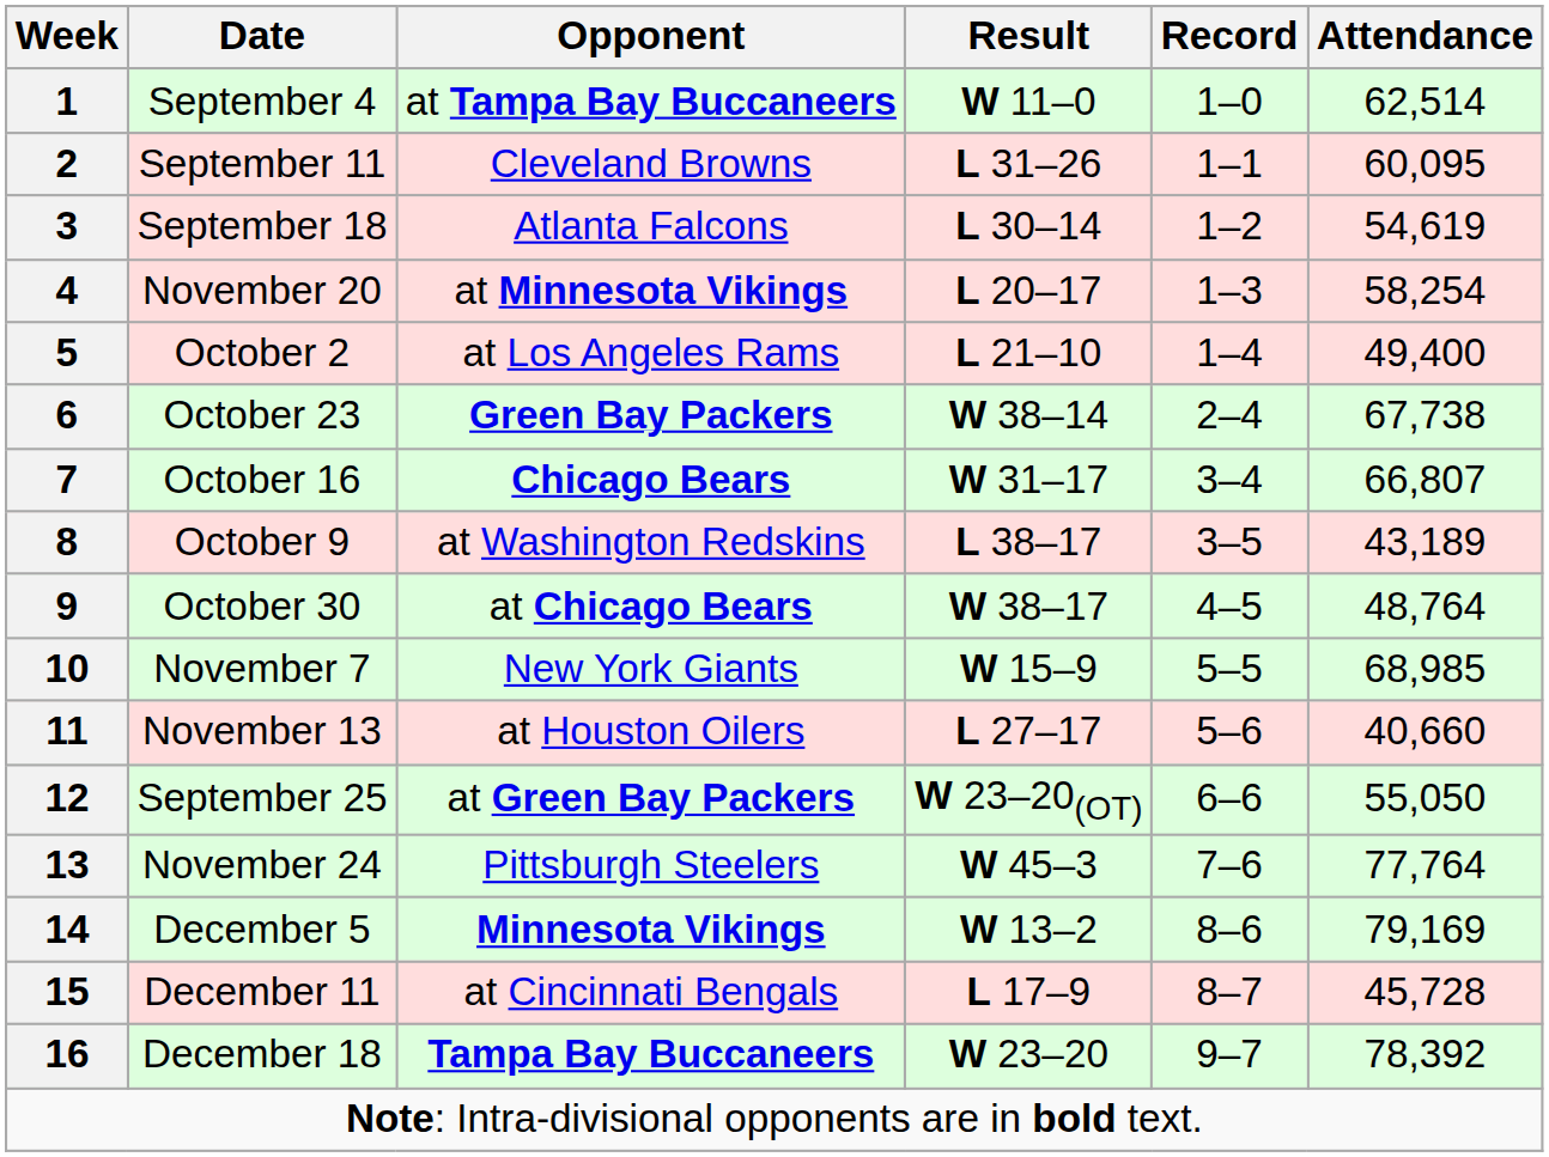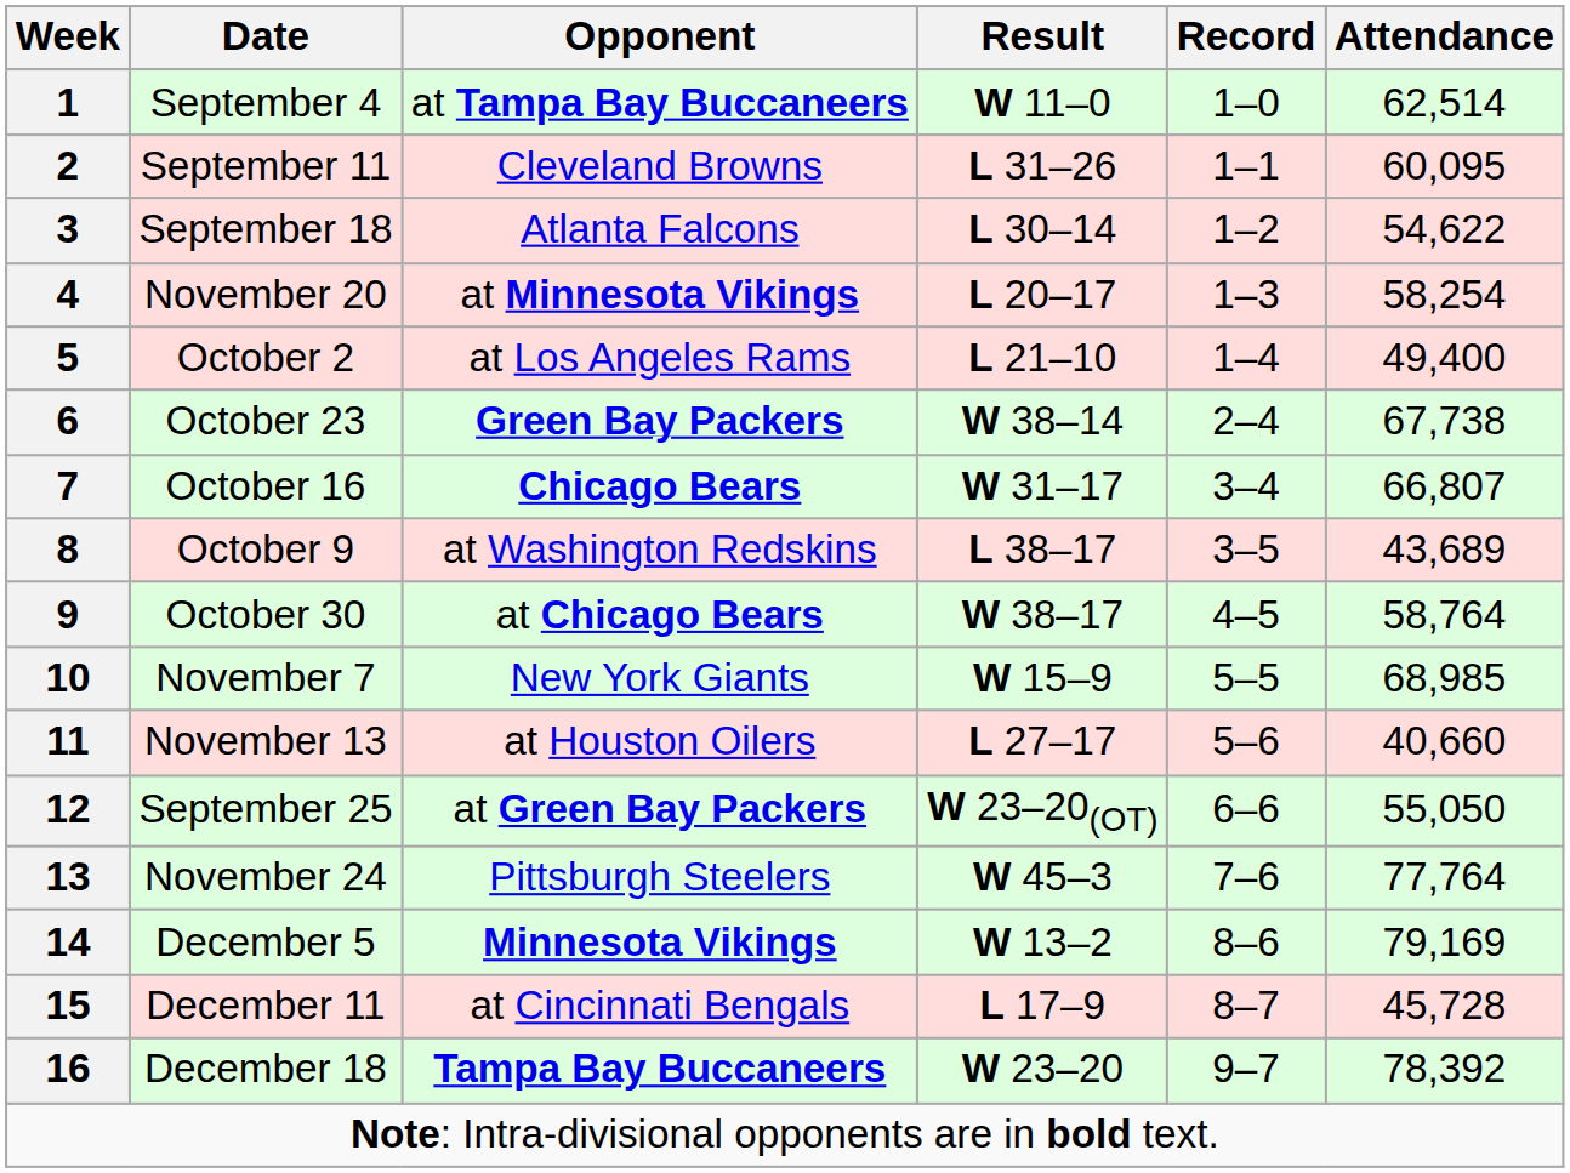 <table class="wikitable" style="text-align:center;">
 <tr>
 <th>Week</th>
 <th>Date</th>
 <th>Opponent</th>
 <th>Result</th>
 <th>Record</th>
 <th>Attendance</th>
 </tr>
 <tr style="background: #ddffdd;">
 <th>1</th>
 <td>September 4</td>
 <td>at <strong><a href='#'>Tampa Bay Buccaneers</a></strong></td>
 <td><strong>W</strong> 11–0</td>
 <td>1–0</td>
 <td>62,514</td>
 </tr>
 <tr style="background: #ffdddd;">
 <th>2</th>
 <td>September 11</td>
 <td><a href='#'>Cleveland Browns</a></td>
 <td><strong>L</strong> 31–26</td>
 <td>1–1</td>
 <td>60,095</td>
 </tr>
 <tr style="background: #ffdddd;">
 <th>3</th>
 <td>September 18</td>
 <td><a href='#'>Atlanta Falcons</a></td>
 <td><strong>L</strong> 30–14</td>
 <td>1–2</td>
-<td>54,619</td>
+<td>54,622</td>
 </tr>
 <tr style="background: #ffdddd;">
 <th>4</th>
 <td>November 20</td>
 <td>at <strong><a href='#'>Minnesota Vikings</a></strong></td>
 <td><strong>L</strong> 20–17</td>
 <td>1–3</td>
 <td>58,254</td>
 </tr>
 <tr style="background: #ffdddd;">
 <th>5</th>
 <td>October 2</td>
 <td>at <a href='#'>Los Angeles Rams</a></td>
 <td><strong>L</strong> 21–10</td>
 <td>1–4</td>
 <td>49,400</td>
 </tr>
 <tr style="background: #ddffdd;">
 <th>6</th>
 <td>October 23</td>
 <td><strong><a href='#'>Green Bay Packers</a></strong></td>
 <td><strong>W</strong> 38–14</td>
 <td>2–4</td>
 <td>67,738</td>
 </tr>
 <tr style="background: #ddffdd;">
 <th>7</th>
 <td>October 16</td>
 <td><strong><a href='#'>Chicago Bears</a></strong></td>
 <td><strong>W</strong> 31–17</td>
 <td>3–4</td>
 <td>66,807</td>
 </tr>
 <tr style="background: #ffdddd;">
 <th>8</th>
 <td>October 9</td>
 <td>at <a href='#'>Washington Redskins</a></td>
 <td><strong>L</strong> 38–17</td>
 <td>3–5</td>
-<td>43,189</td>
+<td>43,689</td>
 </tr>
 <tr style="background: #ddffdd;">
 <th>9</th>
 <td>October 30</td>
 <td>at <strong><a href='#'>Chicago Bears</a></strong></td>
 <td><strong>W</strong> 38–17</td>
 <td>4–5</td>
-<td>48,764</td>
+<td>58,764</td>
 </tr>
 <tr style="background: #ddffdd;">
 <th>10</th>
 <td>November 7</td>
 <td><a href='#'>New York Giants</a></td>
 <td><strong>W</strong> 15–9</td>
 <td>5–5</td>
 <td>68,985</td>
 </tr>
 <tr style="background: #ffdddd;">
 <th>11</th>
 <td>November 13</td>
 <td>at <a href='#'>Houston Oilers</a></td>
 <td><strong>L</strong> 27–17</td>
 <td>5–6</td>
 <td>40,660</td>
 </tr>
 <tr style="background: #ddffdd;">
 <th>12</th>
 <td>September 25</td>
 <td>at <strong><a href='#'>Green Bay Packers</a></strong></td>
 <td><strong>W</strong> 23–20<sub>(OT)</sub></td>
 <td>6–6</td>
 <td>55,050</td>
 </tr>
 <tr style="background: #ddffdd;">
 <th>13</th>
 <td>November 24</td>
 <td><a href='#'>Pittsburgh Steelers</a></td>
 <td><strong>W</strong> 45–3</td>
 <td>7–6</td>
 <td>77,764</td>
 </tr>
 <tr style="background: #ddffdd;">
 <th>14</th>
 <td>December 5</td>
 <td><strong><a href='#'>Minnesota Vikings</a></strong></td>
 <td><strong>W</strong> 13–2</td>
 <td>8–6</td>
 <td>79,169</td>
 </tr>
 <tr style="background: #ffdddd;">
 <th>15</th>
 <td>December 11</td>
 <td>at <a href='#'>Cincinnati Bengals</a></td>
 <td><strong>L</strong> 17–9</td>
 <td>8–7</td>
 <td>45,728</td>
 </tr>
 <tr style="background: #ddffdd;">
 <th>16</th>
 <td>December 18</td>
 <td><strong><a href='#'>Tampa Bay Buccaneers</a></strong></td>
 <td><strong>W</strong> 23–20</td>
 <td>9–7</td>
 <td>78,392</td>
 </tr>
 <tr>
 <td colspan="6"><strong>Note</strong>: Intra-divisional opponents are in <strong>bold</strong> text.</td>
 </tr>
 </table>
